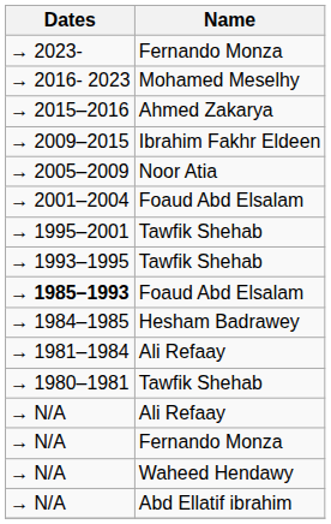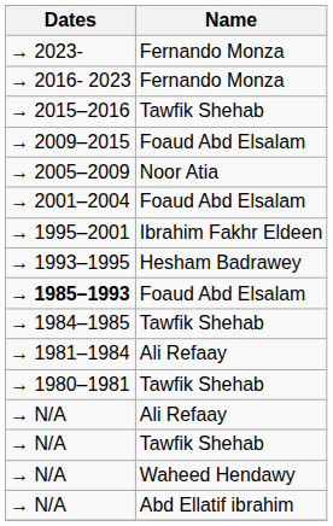 <table class="wikitable">
 <tr>
 <th>Dates</th>
 <th>Name</th>
 </tr>
 <tr>
 <td>→ 2023-</td>
 <td> Fernando Monza</td>
 </tr>
 <tr>
 <td>→ 2016- 2023</td>
-<td> Mohamed Meselhy</td>
+<td> Fernando Monza</td>
 </tr>
 <tr>
 <td>→ 2015–2016</td>
-<td> Ahmed Zakarya</td>
+<td> Tawfik Shehab</td>
 </tr>
 <tr>
 <td>→ 2009–2015</td>
-<td> Ibrahim Fakhr Eldeen</td>
+<td> Foaud Abd Elsalam</td>
 </tr>
 <tr>
 <td>→ 2005–2009</td>
 <td> Noor Atia</td>
 </tr>
 <tr>
 <td>→ 2001–2004</td>
 <td> Foaud Abd Elsalam</td>
 </tr>
 <tr>
 <td>→ 1995–2001</td>
-<td> Tawfik Shehab</td>
+<td> Ibrahim Fakhr Eldeen</td>
 </tr>
 <tr>
 <td>→ 1993–1995</td>
-<td> Tawfik Shehab</td>
+<td> Hesham Badrawey</td>
 </tr>
 <tr>
 <td><strong>→ 1985–1993</strong></td>
 <td> Foaud Abd Elsalam</td>
 </tr>
 <tr>
 <td>→ 1984–1985</td>
-<td> Hesham Badrawey</td>
+<td> Tawfik Shehab</td>
 </tr>
 <tr>
 <td>→ 1981–1984</td>
 <td> Ali Refaay</td>
 </tr>
 <tr>
 <td>→ 1980–1981</td>
 <td> Tawfik Shehab</td>
 </tr>
 <tr>
 <td>→ N/A</td>
 <td> Ali Refaay</td>
 </tr>
 <tr>
 <td>→ N/A</td>
-<td> Fernando Monza</td>
+<td> Tawfik Shehab</td>
 </tr>
 <tr>
 <td>→ N/A</td>
 <td> Waheed Hendawy</td>
 </tr>
 <tr>
 <td>→ N/A</td>
 <td> Abd Ellatif ibrahim</td>
 </tr>
 <tr>
 </tr>
 </table>
